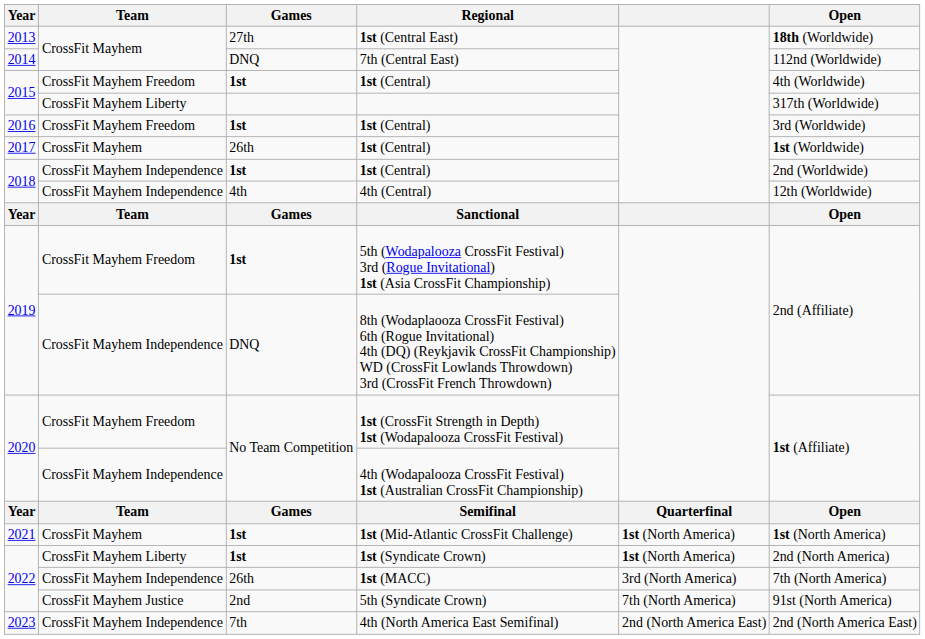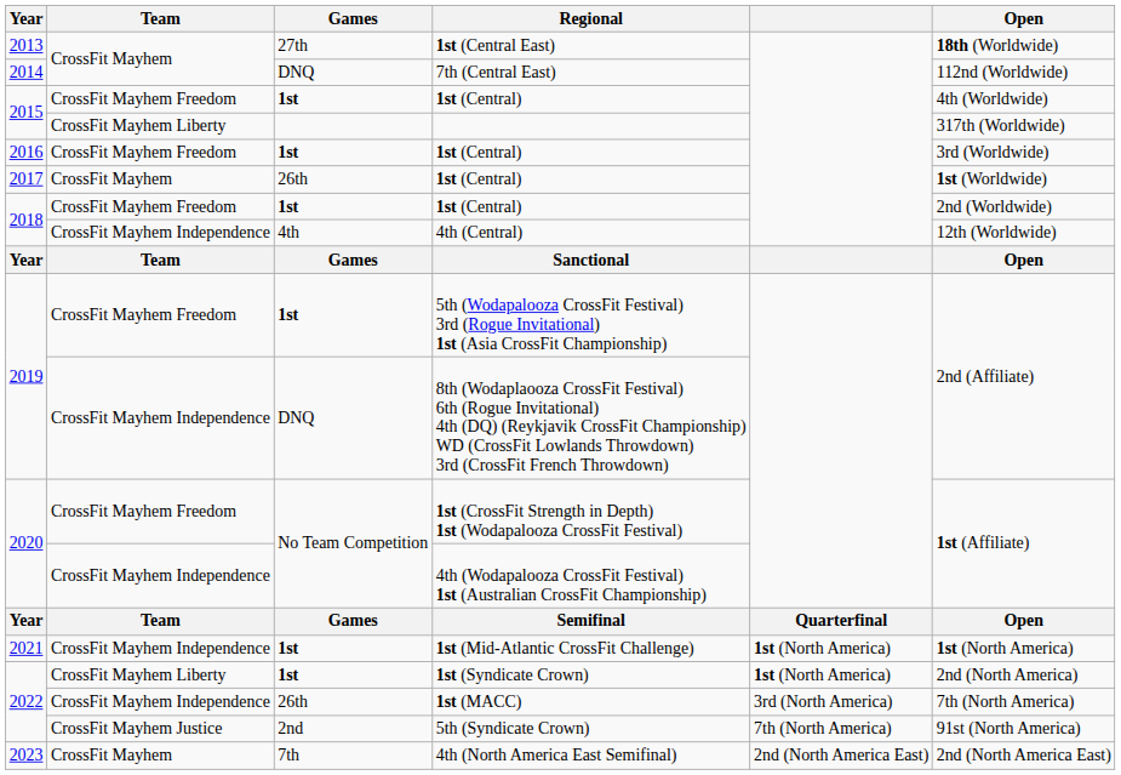 <table class="wikitable">
 <tr>
 <th>Year</th>
 <th>Team</th>
 <th>Games</th>
 <th>Regional</th>
 <th></th>
 <th>Open</th>
 </tr>
 <tr>
 <td><a href='#'>2013</a></td>
 <td rowspan="2">CrossFit Mayhem</td>
 <td>27th</td>
 <td><strong>1st</strong> (Central East)</td>
 <td rowspan="8"></td>
 <td><strong>18th</strong> (Worldwide)</td>
 </tr>
 <tr>
 <td><a href='#'>2014</a></td>
 <td>DNQ</td>
 <td>7th (Central East)</td>
 <td>112nd (Worldwide)</td>
 </tr>
 <tr>
 <td rowspan="2"><a href='#'>2015</a></td>
 <td>CrossFit Mayhem Freedom</td>
 <td><strong>1st</strong></td>
 <td><strong>1st</strong> (Central)</td>
 <td>4th (Worldwide)</td>
 </tr>
 <tr>
 <td>CrossFit Mayhem Liberty</td>
 <td></td>
 <td></td>
 <td>317th (Worldwide)</td>
 </tr>
 <tr>
 <td><a href='#'>2016</a></td>
 <td>CrossFit Mayhem Freedom</td>
 <td><strong>1st</strong></td>
 <td><strong>1st</strong> (Central)</td>
 <td>3rd (Worldwide)</td>
 </tr>
 <tr>
 <td><a href='#'>2017</a></td>
 <td>CrossFit Mayhem</td>
 <td>26th</td>
 <td><strong>1st</strong> (Central)</td>
 <td><strong>1st</strong> (Worldwide)</td>
 </tr>
 <tr>
 <td rowspan="2"><a href='#'>2018</a></td>
-<td>CrossFit Mayhem Independence</td>
+<td>CrossFit Mayhem Freedom</td>
 <td><strong>1st</strong></td>
 <td><strong>1st</strong> (Central)</td>
 <td>2nd (Worldwide)</td>
 </tr>
 <tr>
 <td>CrossFit Mayhem Independence</td>
 <td>4th</td>
 <td>4th (Central)</td>
 <td>12th (Worldwide)</td>
 </tr>
 <tr>
 <th>Year</th>
 <th>Team</th>
 <th>Games</th>
 <th>Sanctional</th>
 <th></th>
 <th>Open</th>
 </tr>
 <tr>
 <td rowspan="2"><a href='#'>2019</a></td>
 <td>CrossFit Mayhem Freedom</td>
 <td><strong>1st</strong></td>
 <td><br>5th (<a href='#'>Wodapalooza</a> CrossFit Festival)<br> 3rd (<a href='#'>Rogue Invitational</a>)<br> <strong>1st</strong> (Asia CrossFit Championship)</td>
 <td rowspan="4"></td>
 <td rowspan="2">2nd (Affiliate)</td>
 </tr>
 <tr>
 <td>CrossFit Mayhem Independence</td>
 <td>DNQ</td>
 <td><br>8th (Wodaplaooza CrossFit Festival)<br> 6th (Rogue Invitational)<br> 4th (DQ) (Reykjavik CrossFit Championship)<br> WD (CrossFit Lowlands Throwdown)<br> 3rd (CrossFit French Throwdown)</td>
 </tr>
 <tr>
 <td rowspan="2"><a href='#'>2020</a></td>
 <td>CrossFit Mayhem Freedom</td>
 <td rowspan="2">No Team Competition</td>
 <td><br><strong>1st</strong> (CrossFit Strength in Depth)<br> <strong>1st</strong> (Wodapalooza CrossFit Festival)</td>
 <td rowspan="2"><strong>1st</strong>  (Affiliate)</td>
 </tr>
 <tr>
 <td>CrossFit Mayhem Independence</td>
 <td><br>4th (Wodapalooza CrossFit Festival)<br> <strong>1st</strong> (Australian CrossFit Championship)</td>
 </tr>
 <tr>
 <th>Year</th>
 <th>Team</th>
 <th>Games</th>
 <th>Semifinal</th>
 <th>Quarterfinal</th>
 <th>Open</th>
 </tr>
 <tr>
 <td><a href='#'>2021</a></td>
-<td>CrossFit Mayhem</td>
+<td>CrossFit Mayhem Independence</td>
 <td><strong>1st</strong></td>
 <td><strong>1st</strong> (Mid-Atlantic CrossFit Challenge)</td>
 <td><strong>1st</strong> (North America)</td>
 <td><strong>1st</strong> (North America)</td>
 </tr>
 <tr>
 <td rowspan="3"><a href='#'>2022</a></td>
 <td>CrossFit Mayhem Liberty</td>
 <td><strong>1st</strong></td>
 <td><strong>1st</strong> (Syndicate Crown)</td>
 <td><strong>1st</strong> (North America)</td>
 <td>2nd (North America)</td>
 </tr>
 <tr>
 <td>CrossFit Mayhem Independence</td>
 <td>26th</td>
 <td><strong>1st</strong> (MACC)</td>
 <td>3rd (North America)</td>
 <td>7th (North America)</td>
 </tr>
 <tr>
 <td>CrossFit Mayhem Justice</td>
 <td>2nd</td>
 <td>5th (Syndicate Crown)</td>
 <td>7th (North America)</td>
 <td>91st (North America)</td>
 </tr>
 <tr>
 <td><a href='#'>2023</a></td>
-<td>CrossFit Mayhem Independence</td>
+<td>CrossFit Mayhem</td>
 <td>7th</td>
 <td>4th (North America East Semifinal)</td>
 <td>2nd (North America East)</td>
 <td>2nd (North America East)</td>
 </tr>
 </table>
